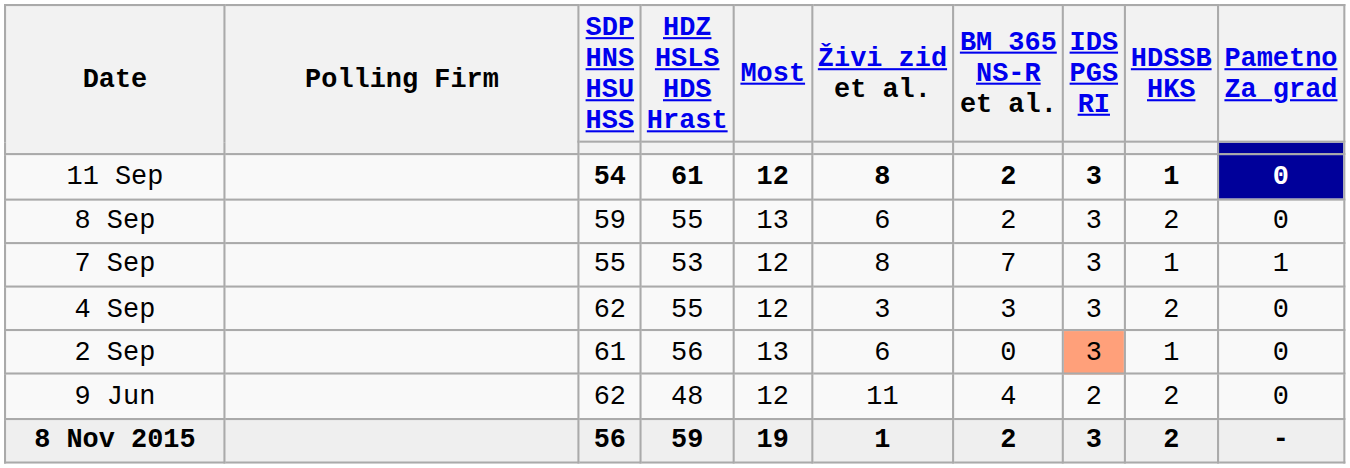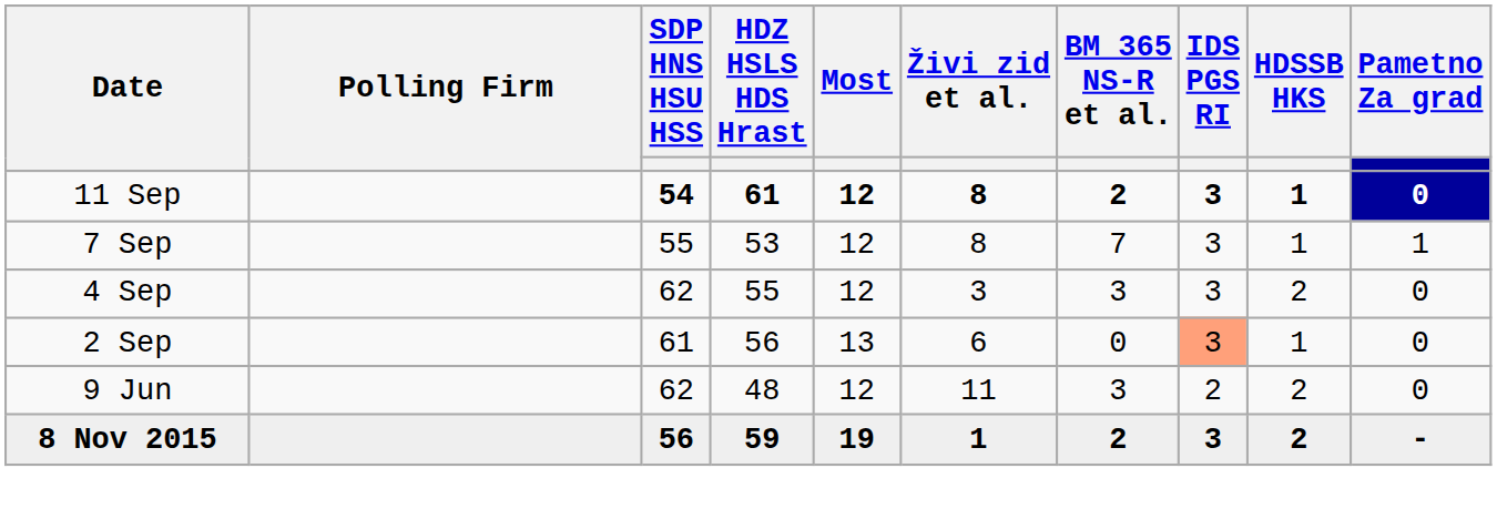 <table class="wikitable" style="text-align:center;">
 <tr style="height:42px;">
 <th style="width:100px;" rowspan="2">Date</th>
 <th style="width:165px;" rowspan="2">Polling Firm</th>
 <th><a href='#'>SDP</a><br><a href='#'>HNS</a><br><a href='#'>HSU</a><br><a href='#'>HSS</a></th>
 <th><a href='#'>HDZ</a><br><a href='#'>HSLS</a><br><a href='#'>HDS</a><br><a href='#'>Hrast</a></th>
 <th><a href='#'>Most</a></th>
 <th><a href='#'>Živi zid</a><br>et al.</th>
 <th><a href='#'>BM 365</a><br><a href='#'>NS-R</a><br>et al.</th>
 <th><a href='#'>IDS</a><br><a href='#'>PGS</a><br><a href='#'>RI</a></th>
 <th><a href='#'>HDSSB</a><br><a href='#'>HKS</a></th>
 <th><a href='#'>Pametno</a><br><a href='#'>Za grad</a></th>
 </tr>
 <tr>
 <th style="background:"></th>
 <th style="background:"></th>
 <th style="background:"></th>
 <th style="background:"></th>
 <th style="background:"></th>
 <th style="background:"></th>
 <th style="background:"></th>
 <th style="background-color:#00009a; width:50px;"></th>
 </tr>
 <tr>
 <td>11 Sep</td>
 <td></td>
 <td style="background:"><strong>54</strong></td>
 <td style="background:"><strong>61</strong></td>
 <td style="background:"><strong>12</strong></td>
 <td style="background:"><strong>8</strong></td>
 <td style="background:"><strong>2</strong></td>
 <td style="background:"><strong>3</strong></td>
 <td style="background:"><strong>1</strong></td>
 <td style="background:#00009a; color:white"><strong>0</strong></td>
-</tr>
-<tr>
-<td>8 Sep</td>
-<td></td>
-<td align=center>59</td>
-<td align=center>55</td>
-<td align=center>13</td>
-<td align=center>6</td>
-<td align=center>2</td>
-<td align=center>3</td>
-<td align=center>2</td>
-<td align=center>0</td>
 </tr>
 <tr>
 <td>7 Sep</td>
 <td></td>
 <td align=center>55</td>
 <td align=center>53</td>
 <td align=center>12</td>
 <td align=center>8</td>
 <td align=center>7</td>
 <td align=center>3</td>
 <td align=center>1</td>
 <td align=center>1</td>
 </tr>
 <tr>
 <td>4 Sep</td>
 <td></td>
 <td align=center>62</td>
 <td align=center>55</td>
 <td align=center>12</td>
 <td align=center>3</td>
 <td align=center>3</td>
 <td align=center>3</td>
 <td align=center>2</td>
 <td align=center>0</td>
 </tr>
 <tr>
 <td>2 Sep</td>
 <td></td>
 <td align=center>61</td>
 <td align=center>56</td>
 <td align=center>13</td>
 <td align=center>6</td>
 <td align=center>0</td>
 <td align=center style="background: lightsalmon;">3</td>
 <td align=center>1</td>
 <td align=center>0</td>
 </tr>
 <tr>
 <td>9 Jun</td>
 <td></td>
 <td align=center>62</td>
 <td align=center>48</td>
 <td align=center>12</td>
 <td align=center>11</td>
-<td align=center>4</td>
+<td align=center>3</td>
 <td align=center>2</td>
 <td align=center>2</td>
 <td align=center>0</td>
 </tr>
 <tr style="background:#EFEFEF; font-weight:bold;">
 <td>8 Nov 2015</td>
 <td></td>
 <td>56</td>
 <td>59</td>
 <td>19</td>
 <td>1</td>
 <td>2</td>
 <td>3</td>
 <td>2</td>
 <td>-</td>
 </tr>
 </table>
